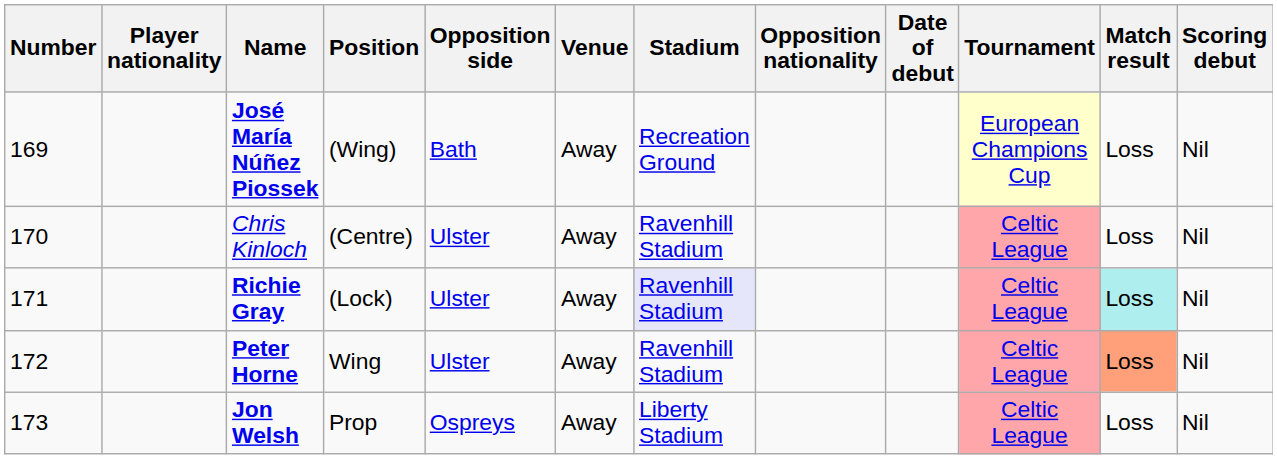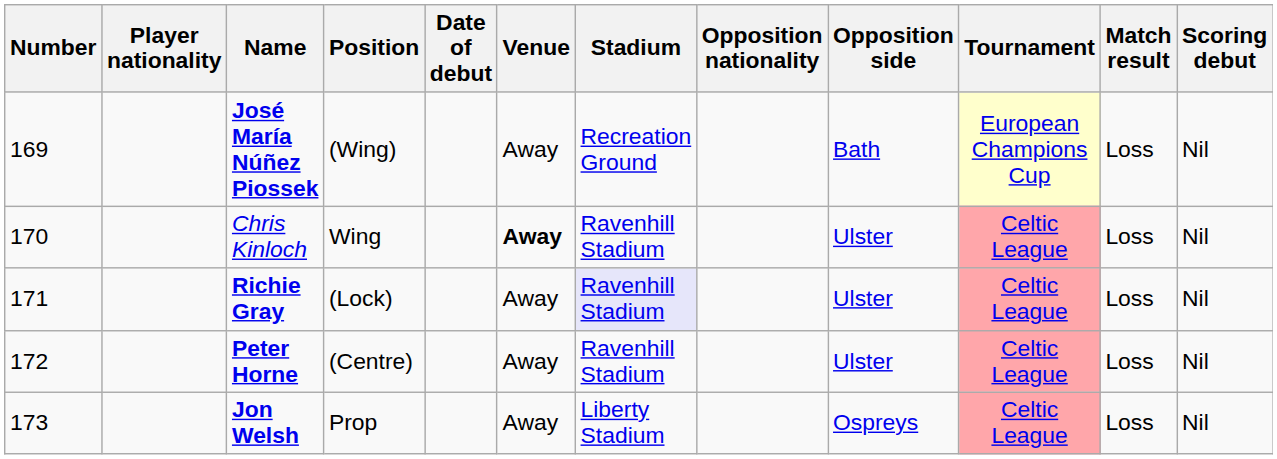 <table class="sortable wikitable">
 <tr>
 <th data-sort-type="number">Number</th>
 <th>Player nationality</th>
 <th>Name</th>
 <th>Position</th>
-<th>Opposition side</th>
+<th>Date of debut</th>
 <th>Venue</th>
 <th>Stadium</th>
 <th>Opposition nationality</th>
-<th>Date of debut</th>
+<th>Opposition side</th>
 <th>Tournament</th>
 <th>Match result</th>
 <th>Scoring debut</th>
 </tr>
 <tr>
 <td>169</td>
 <td style="text-align:center;"></td>
 <td><strong><a href='#'>José María Núñez Piossek</a></strong></td>
 <td>(Wing)</td>
-<td><a href='#'>Bath</a></td>
+<td></td>
 <td>Away</td>
 <td><a href='#'>Recreation Ground</a></td>
 <td style="text-align:center;"></td>
-<td></td>
+<td><a href='#'>Bath</a></td>
 <td style="text-align:center; background:#ffffcc;"><a href='#'>European Champions Cup</a></td>
 <td>Loss</td>
 <td>Nil</td>
 </tr>
 <tr>
 <td>170</td>
 <td style="text-align:center;"></td>
 <td><em><a href='#'>Chris Kinloch</a></em></td>
-<td>(Centre)</td>
-<td><a href='#'>Ulster</a></td>
-<td>Away</td>
+<td>Wing</td>
+<td></td>
+<td><strong>Away</strong></td>
 <td><a href='#'>Ravenhill Stadium</a></td>
 <td style="text-align:center;"></td>
-<td></td>
+<td><a href='#'>Ulster</a></td>
 <td style="text-align:center; background:#FFA6AA;"><a href='#'>Celtic League</a></td>
 <td>Loss</td>
 <td>Nil</td>
 </tr>
 <tr>
 <td>171</td>
 <td style="text-align:center;"></td>
 <td><strong><a href='#'>Richie Gray</a></strong></td>
 <td>(Lock)</td>
-<td><a href='#'>Ulster</a></td>
+<td></td>
 <td>Away</td>
 <td style="background: lavender;"><a href='#'>Ravenhill Stadium</a></td>
 <td style="text-align:center;"></td>
-<td></td>
+<td><a href='#'>Ulster</a></td>
 <td style="text-align:center; background:#FFA6AA;"><a href='#'>Celtic League</a></td>
-<td style="background: paleturquoise;">Loss</td>
+<td>Loss</td>
 <td>Nil</td>
 </tr>
 <tr>
 <td>172</td>
 <td style="text-align:center;"></td>
 <td><strong><a href='#'>Peter Horne</a></strong></td>
-<td>Wing</td>
-<td><a href='#'>Ulster</a></td>
+<td>(Centre)</td>
+<td></td>
 <td>Away</td>
 <td><a href='#'>Ravenhill Stadium</a></td>
 <td style="text-align:center;"></td>
-<td></td>
+<td><a href='#'>Ulster</a></td>
 <td style="text-align:center; background:#FFA6AA;"><a href='#'>Celtic League</a></td>
-<td style="background: lightsalmon;">Loss</td>
+<td>Loss</td>
 <td>Nil</td>
 </tr>
 <tr>
 <td>173</td>
 <td style="text-align:center;"></td>
 <td><strong><a href='#'>Jon Welsh</a></strong></td>
 <td>Prop</td>
-<td><a href='#'>Ospreys</a></td>
+<td></td>
 <td>Away</td>
 <td><a href='#'>Liberty Stadium</a></td>
 <td style="text-align:center;"></td>
-<td></td>
+<td><a href='#'>Ospreys</a></td>
 <td style="text-align:center; background:#FFA6AA;"><a href='#'>Celtic League</a></td>
 <td>Loss</td>
 <td>Nil</td>
 </tr>
 </table>
